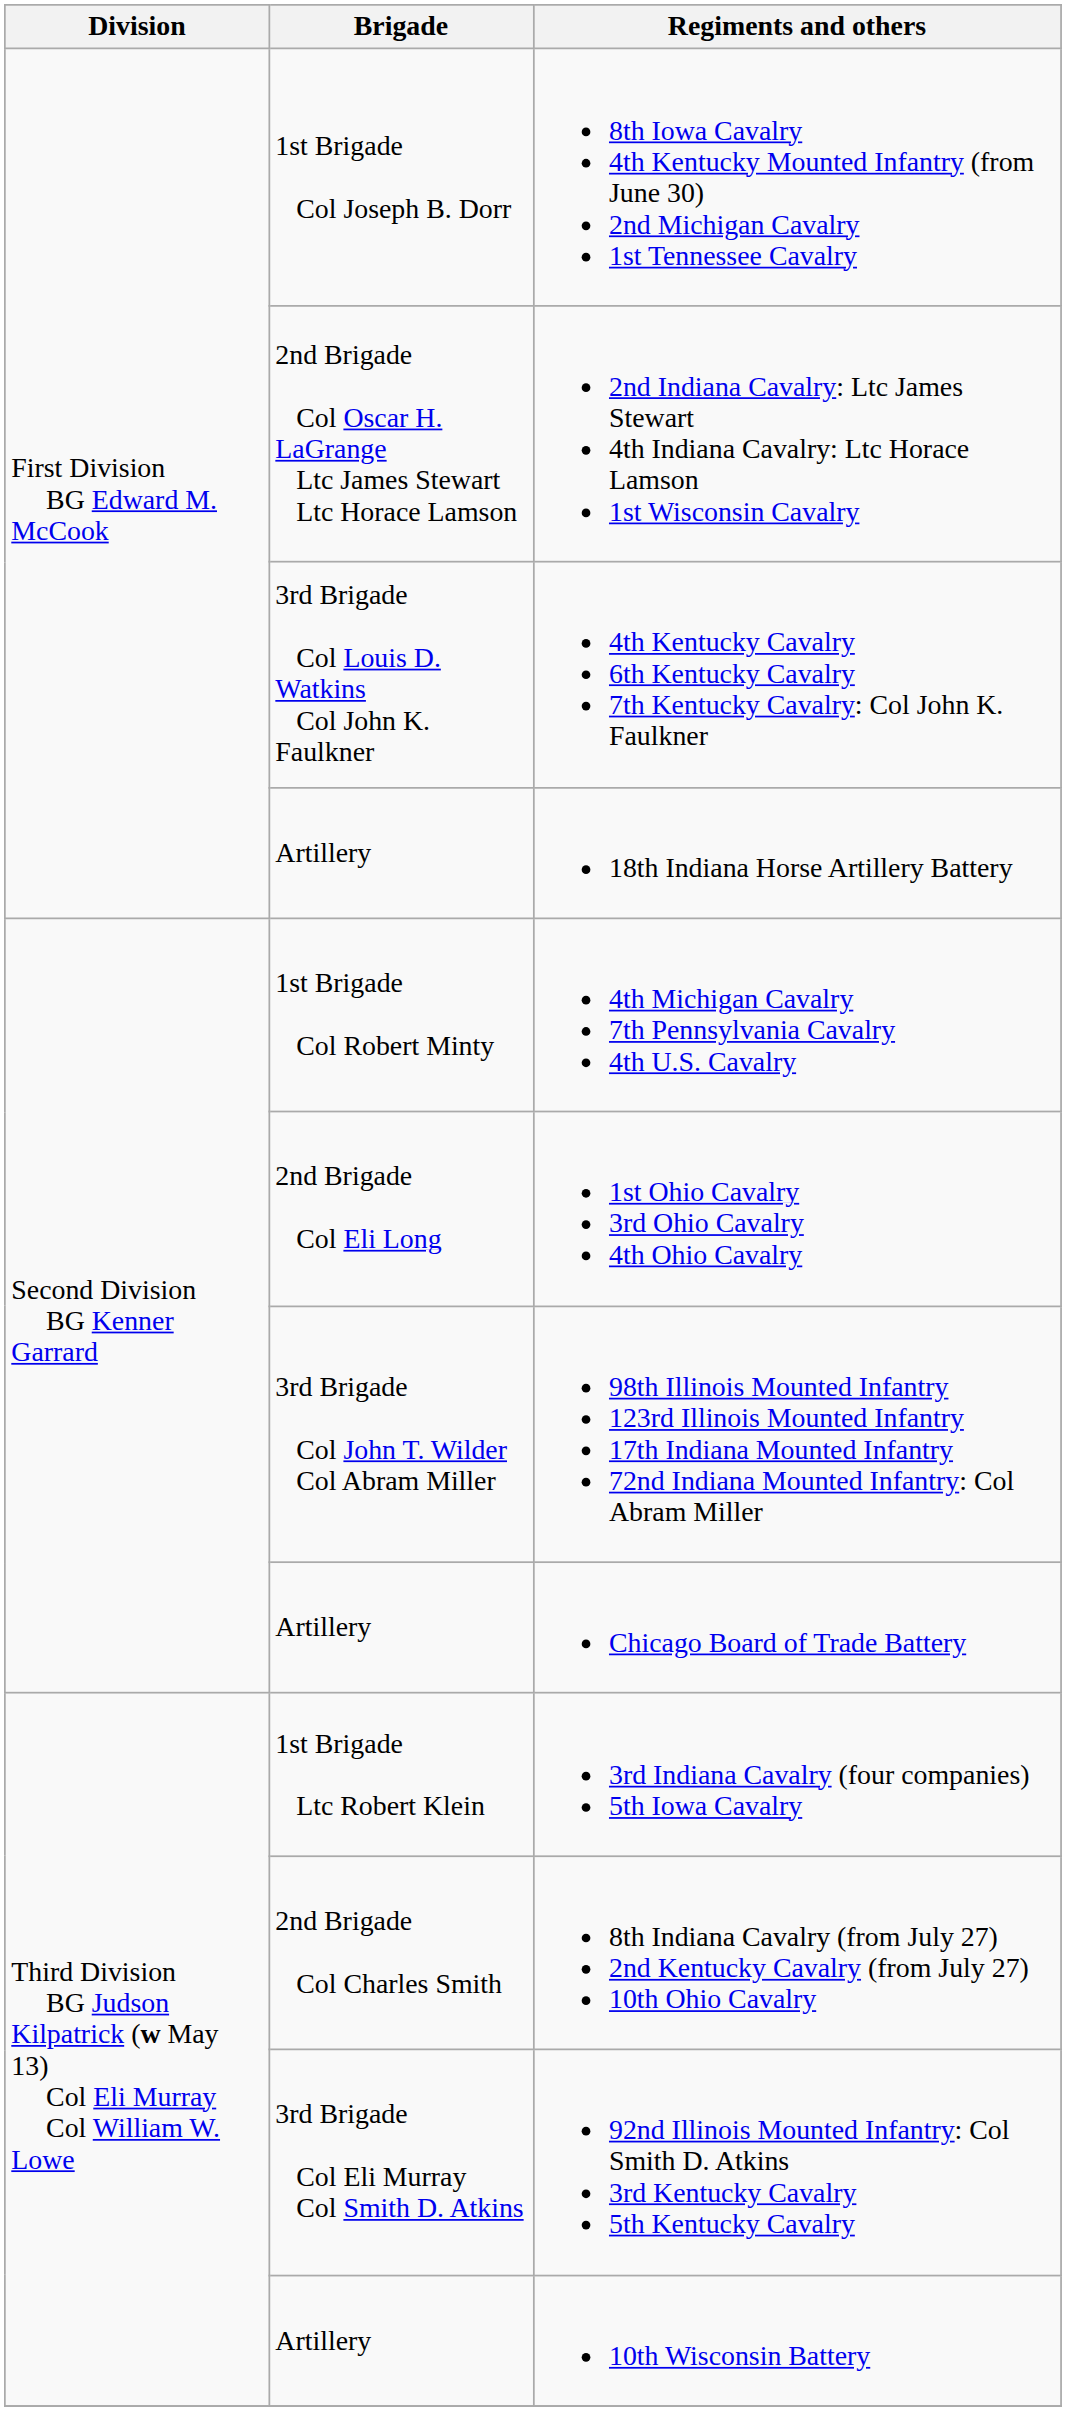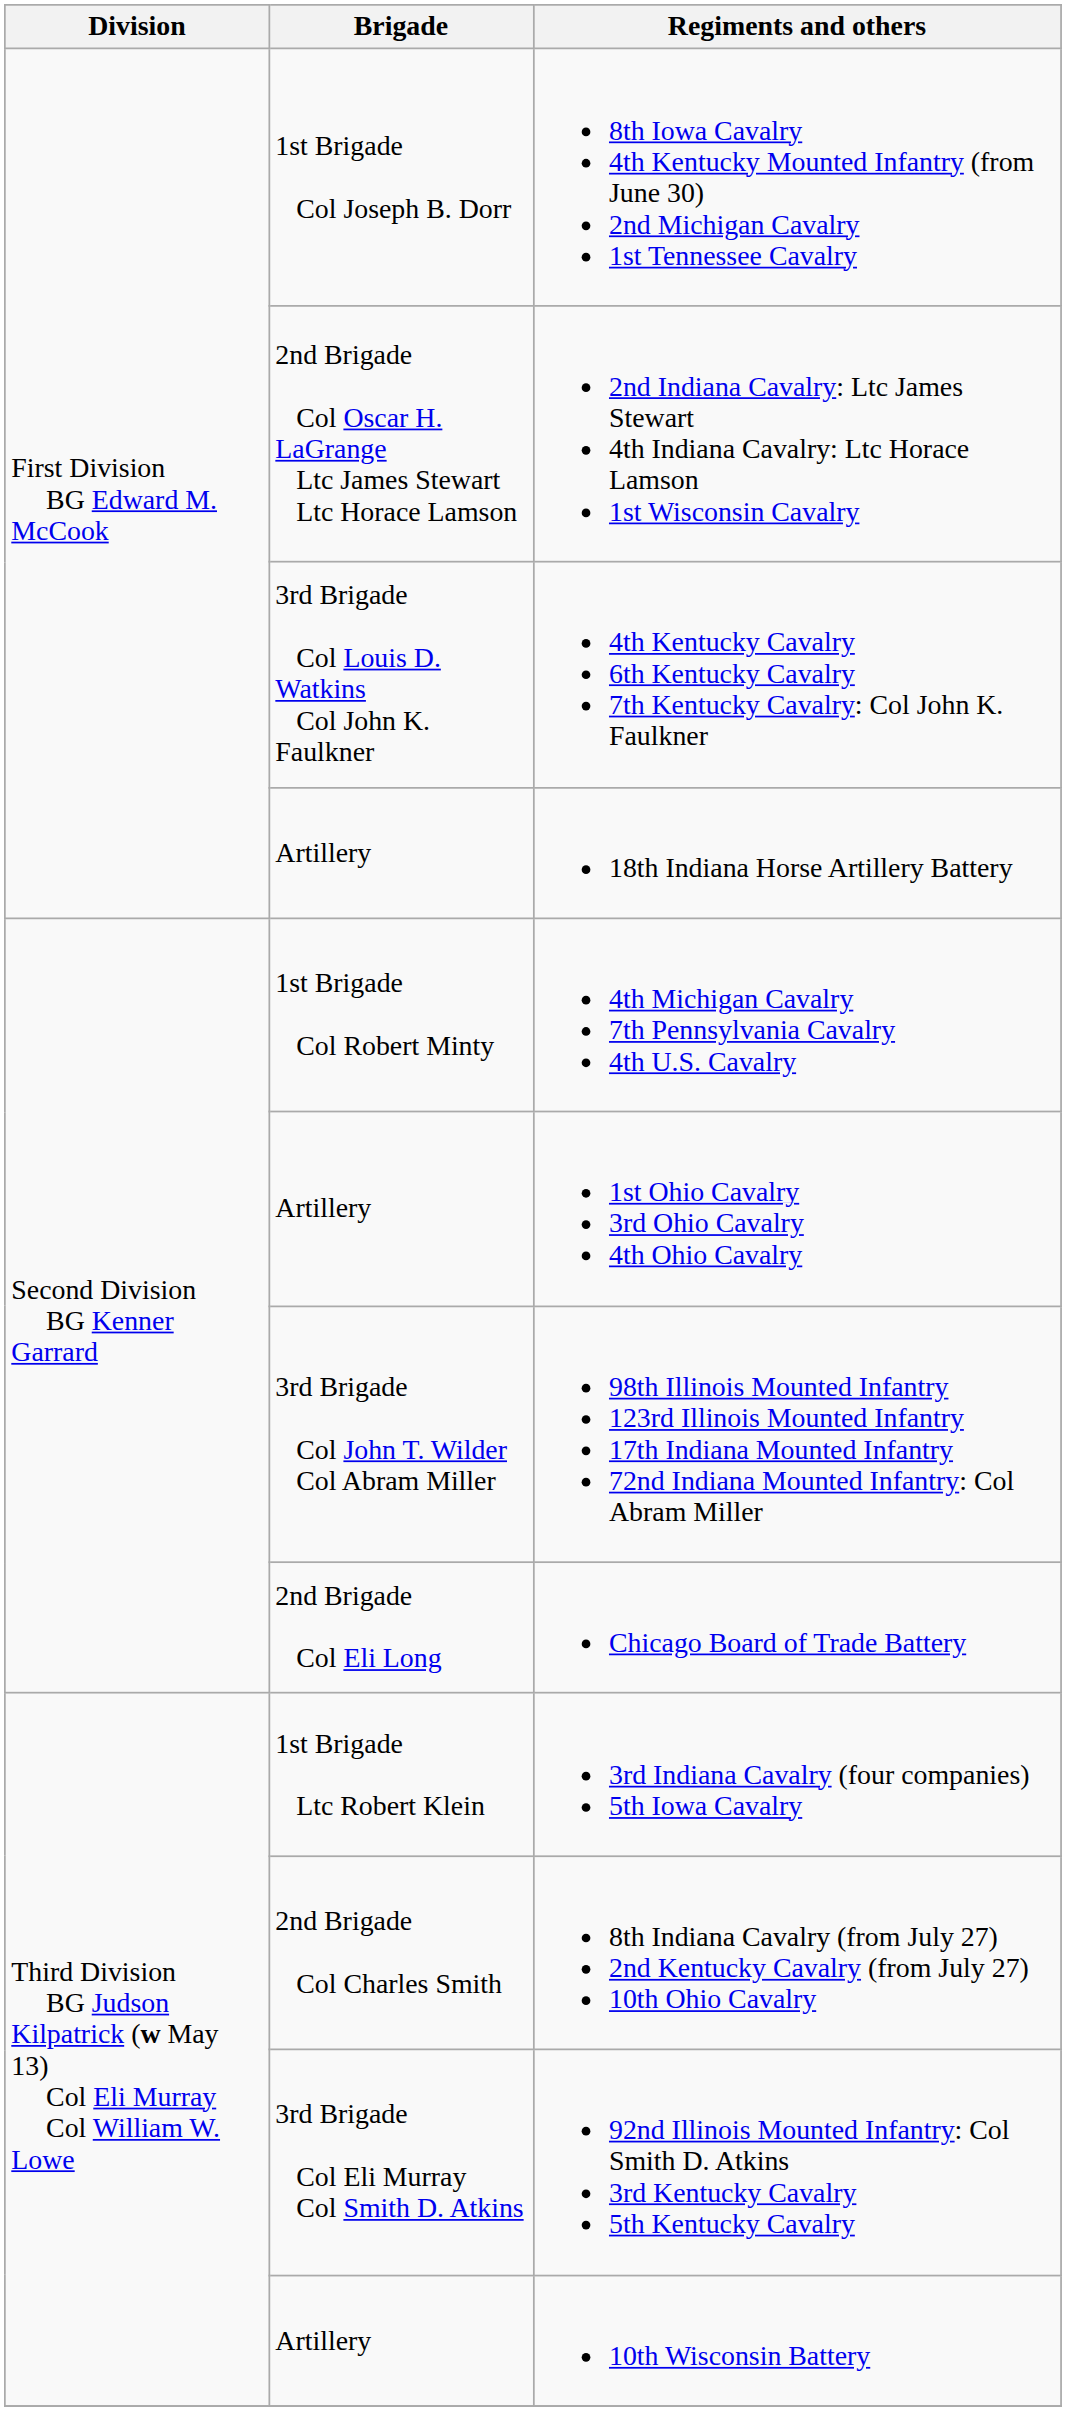 <table class="wikitable">
 <tr>
 <th width=25%>Division</th>
 <th width=25%>Brigade</th>
 <th>Regiments and others</th>
 </tr>
 <tr>
 <td rowspan=4><br>First Division <br>     BG <a href='#'>Edward M. McCook</a></td>
 <td>1st Brigade<br><br>   Col Joseph B. Dorr</td>
 <td><br><ul><li><a href='#'>8th Iowa Cavalry</a></li><li><a href='#'>4th Kentucky Mounted Infantry</a> (from June 30)</li><li><a href='#'>2nd Michigan Cavalry</a></li><li><a href='#'>1st Tennessee Cavalry</a></li></ul></td>
 </tr>
 <tr>
 <td>2nd Brigade<br><br>   Col <a href='#'>Oscar H. LaGrange</a><br>   Ltc James Stewart<br>   Ltc Horace Lamson</td>
 <td><br><ul><li><a href='#'>2nd Indiana Cavalry</a>: Ltc James Stewart</li><li>4th Indiana Cavalry: Ltc Horace Lamson</li><li><a href='#'>1st Wisconsin Cavalry</a></li></ul></td>
 </tr>
 <tr>
 <td>3rd Brigade<br><br>   Col <a href='#'>Louis D. Watkins</a><br>   Col John K. Faulkner</td>
 <td><br><ul><li><a href='#'>4th Kentucky Cavalry</a></li><li><a href='#'>6th Kentucky Cavalry</a></li><li><a href='#'>7th Kentucky Cavalry</a>: Col John K. Faulkner</li></ul></td>
 </tr>
 <tr>
 <td>Artillery</td>
 <td><br><ul><li>18th Indiana Horse Artillery Battery</li></ul></td>
 </tr>
 <tr>
 <td rowspan=4><br>Second Division <br>     BG <a href='#'>Kenner Garrard</a></td>
 <td>1st Brigade<br><br>   Col Robert Minty</td>
 <td><br><ul><li><a href='#'>4th Michigan Cavalry</a></li><li><a href='#'>7th Pennsylvania Cavalry</a></li><li><a href='#'>4th U.S. Cavalry</a></li></ul></td>
 </tr>
 <tr>
-<td>2nd Brigade <br><br>   Col <a href='#'>Eli Long</a></td>
+<td>Artillery</td>
 <td><br><ul><li><a href='#'>1st Ohio Cavalry</a></li><li><a href='#'>3rd Ohio Cavalry</a></li><li><a href='#'>4th Ohio Cavalry</a></li></ul></td>
 </tr>
 <tr>
 <td>3rd Brigade<br><br>   Col <a href='#'>John T. Wilder</a><br>   Col Abram Miller</td>
 <td><br><ul><li><a href='#'>98th Illinois Mounted Infantry</a></li><li><a href='#'>123rd Illinois Mounted Infantry</a></li><li><a href='#'>17th Indiana Mounted Infantry</a></li><li><a href='#'>72nd Indiana Mounted Infantry</a>: Col Abram Miller</li></ul></td>
 </tr>
 <tr>
-<td>Artillery</td>
+<td>2nd Brigade <br><br>   Col <a href='#'>Eli Long</a></td>
 <td><br><ul><li><a href='#'>Chicago Board of Trade Battery</a></li></ul></td>
 </tr>
 <tr>
 <td rowspan=4><br>Third Division <br>     BG <a href='#'>Judson Kilpatrick</a> (<strong>w</strong> May 13)<br>     Col <a href='#'>Eli Murray</a><br>     Col <a href='#'>William W. Lowe</a></td>
 <td>1st Brigade<br><br>   Ltc Robert Klein</td>
 <td><br><ul><li><a href='#'>3rd Indiana Cavalry</a> (four companies)</li><li><a href='#'>5th Iowa Cavalry</a></li></ul></td>
 </tr>
 <tr>
 <td>2nd Brigade<br><br>   Col Charles Smith</td>
 <td><br><ul><li>8th Indiana Cavalry (from July 27)</li><li><a href='#'>2nd Kentucky Cavalry</a> (from July 27)</li><li><a href='#'>10th Ohio Cavalry</a></li></ul></td>
 </tr>
 <tr>
 <td>3rd Brigade<br><br>   Col Eli Murray<br>   Col <a href='#'>Smith D. Atkins</a></td>
 <td><br><ul><li><a href='#'>92nd Illinois Mounted Infantry</a>: Col Smith D. Atkins</li><li><a href='#'>3rd Kentucky Cavalry</a></li><li><a href='#'>5th Kentucky Cavalry</a></li></ul></td>
 </tr>
 <tr>
 <td>Artillery</td>
 <td><br><ul><li><a href='#'>10th Wisconsin Battery</a></li></ul></td>
 </tr>
 <tr>
 </tr>
 </table>
